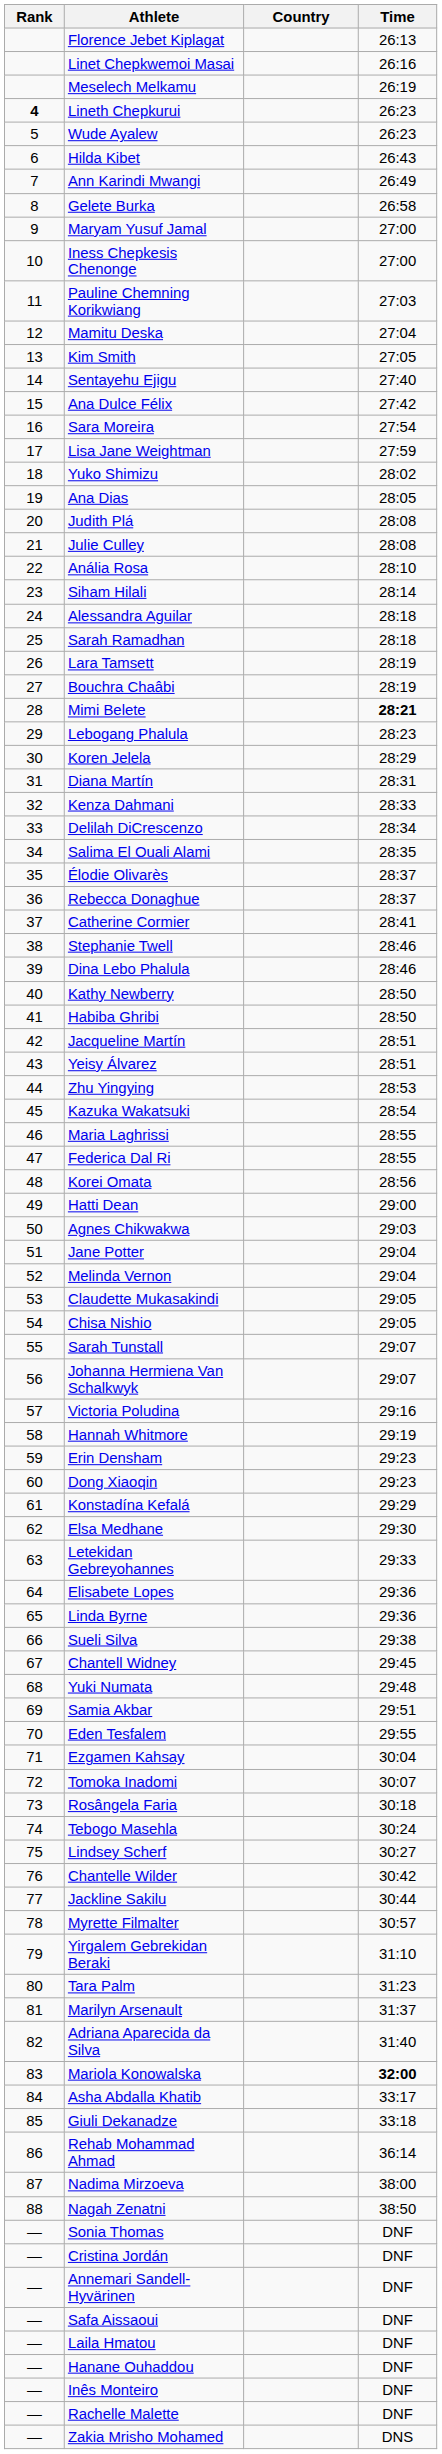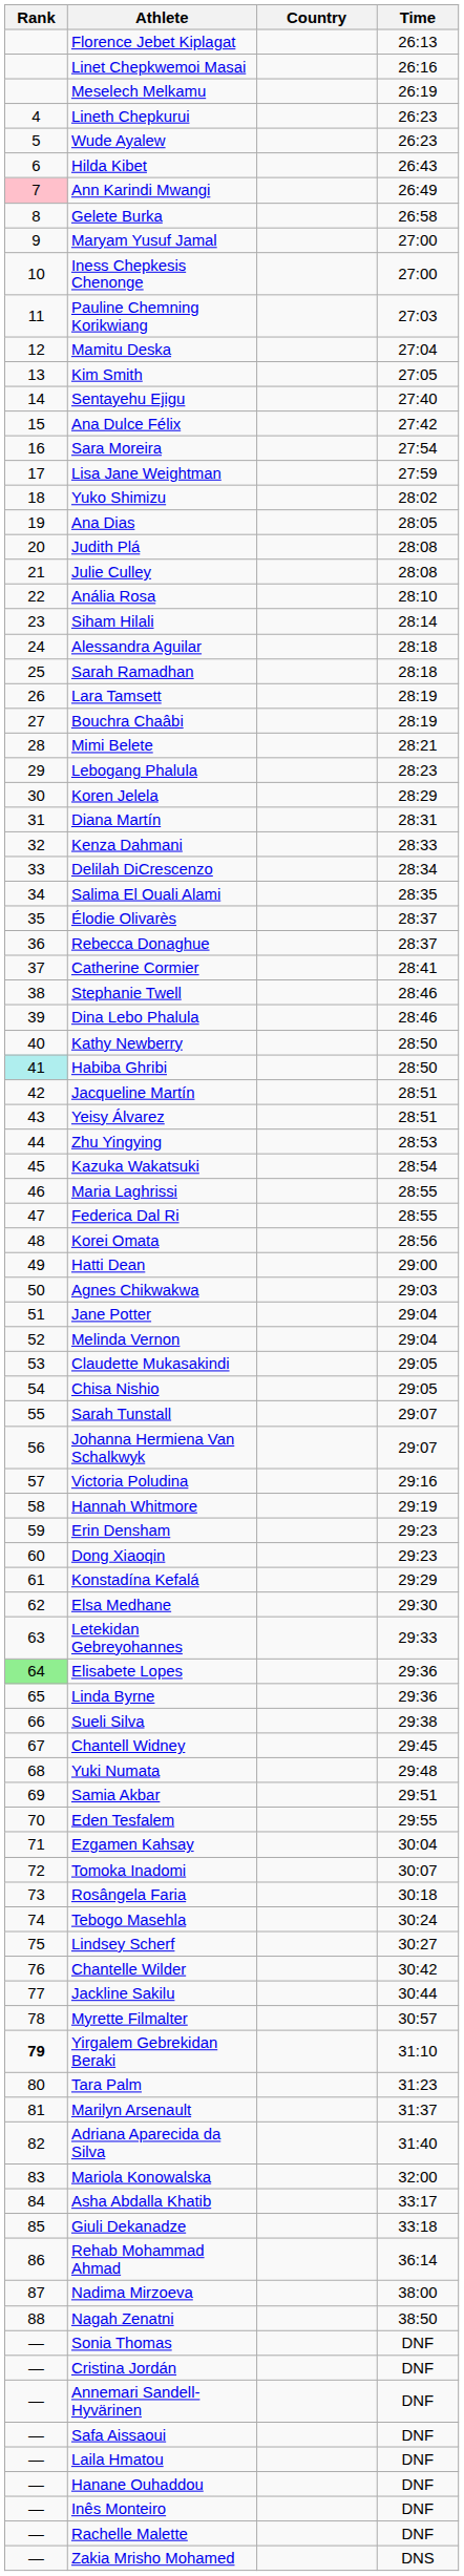 <table class="wikitable sortable" style=" text-align:center; font-size:95%;" width="50%">
 <tr>
 <th width=5%>Rank</th>
 <th width=20%>Athlete</th>
 <th width=15%>Country</th>
 <th width=10%>Time</th>
 </tr>
 <tr>
 <td align=center></td>
 <td align=left><a href='#'>Florence Jebet Kiplagat</a></td>
 <td align=left></td>
 <td>26:13</td>
 </tr>
 <tr>
 <td align=center></td>
 <td align=left><a href='#'>Linet Chepkwemoi Masai</a></td>
 <td align=left></td>
 <td>26:16</td>
 </tr>
 <tr>
 <td align=center></td>
 <td align=left><a href='#'>Meselech Melkamu</a></td>
 <td align=left></td>
 <td>26:19</td>
 </tr>
 <tr>
-<td align=center><strong>4</strong></td>
+<td align=center>4</td>
 <td align=left><a href='#'>Lineth Chepkurui</a></td>
 <td align=left></td>
 <td>26:23</td>
 </tr>
 <tr>
 <td align=center>5</td>
 <td align=left><a href='#'>Wude Ayalew</a></td>
 <td align=left></td>
 <td>26:23</td>
 </tr>
 <tr>
 <td align=center>6</td>
 <td align=left><a href='#'>Hilda Kibet</a></td>
 <td align=left></td>
 <td>26:43</td>
 </tr>
 <tr>
-<td align=center>7</td>
+<td align=center style="background: pink;">7</td>
 <td align=left><a href='#'>Ann Karindi Mwangi</a></td>
 <td align=left></td>
 <td>26:49</td>
 </tr>
 <tr>
 <td align=center>8</td>
 <td align=left><a href='#'>Gelete Burka</a></td>
 <td align=left></td>
 <td>26:58</td>
 </tr>
 <tr>
 <td align=center>9</td>
 <td align=left><a href='#'>Maryam Yusuf Jamal</a></td>
 <td align=left></td>
 <td>27:00</td>
 </tr>
 <tr>
 <td align=center>10</td>
 <td align=left><a href='#'>Iness Chepkesis Chenonge</a></td>
 <td align=left></td>
 <td>27:00</td>
 </tr>
 <tr>
 <td align=center>11</td>
 <td align=left><a href='#'>Pauline Chemning Korikwiang</a></td>
 <td align=left></td>
 <td>27:03</td>
 </tr>
 <tr>
 <td align=center>12</td>
 <td align=left><a href='#'>Mamitu Deska</a></td>
 <td align=left></td>
 <td>27:04</td>
 </tr>
 <tr>
 <td align=center>13</td>
 <td align=left><a href='#'>Kim Smith</a></td>
 <td align=left></td>
 <td>27:05</td>
 </tr>
 <tr>
 <td align=center>14</td>
 <td align=left><a href='#'>Sentayehu Ejigu</a></td>
 <td align=left></td>
 <td>27:40</td>
 </tr>
 <tr>
 <td align=center>15</td>
 <td align=left><a href='#'>Ana Dulce Félix</a></td>
 <td align=left></td>
 <td>27:42</td>
 </tr>
 <tr>
 <td align=center>16</td>
 <td align=left><a href='#'>Sara Moreira</a></td>
 <td align=left></td>
 <td>27:54</td>
 </tr>
 <tr>
 <td align=center>17</td>
 <td align=left><a href='#'>Lisa Jane Weightman</a></td>
 <td align=left></td>
 <td>27:59</td>
 </tr>
 <tr>
 <td align=center>18</td>
 <td align=left><a href='#'>Yuko Shimizu</a></td>
 <td align="left"></td>
 <td>28:02</td>
 </tr>
 <tr>
 <td align=center>19</td>
 <td align=left><a href='#'>Ana Dias</a></td>
 <td align=left></td>
 <td>28:05</td>
 </tr>
 <tr>
 <td align=center>20</td>
 <td align=left><a href='#'>Judith Plá</a></td>
 <td align=left></td>
 <td>28:08</td>
 </tr>
 <tr>
 <td align=center>21</td>
 <td align=left><a href='#'>Julie Culley</a></td>
 <td align=left></td>
 <td>28:08</td>
 </tr>
 <tr>
 <td align=center>22</td>
 <td align=left><a href='#'>Anália Rosa</a></td>
 <td align=left></td>
 <td>28:10</td>
 </tr>
 <tr>
 <td align=center>23</td>
 <td align=left><a href='#'>Siham Hilali</a></td>
 <td align=left></td>
 <td>28:14</td>
 </tr>
 <tr>
 <td align=center>24</td>
 <td align=left><a href='#'>Alessandra Aguilar</a></td>
 <td align=left></td>
 <td>28:18</td>
 </tr>
 <tr>
 <td align=center>25</td>
 <td align=left><a href='#'>Sarah Ramadhan</a></td>
 <td align=left></td>
 <td>28:18</td>
 </tr>
 <tr>
 <td align=center>26</td>
 <td align=left><a href='#'>Lara Tamsett</a></td>
 <td align=left></td>
 <td>28:19</td>
 </tr>
 <tr>
 <td align=center>27</td>
 <td align=left><a href='#'>Bouchra Chaâbi</a></td>
 <td align=left></td>
 <td>28:19</td>
 </tr>
 <tr>
 <td align=center>28</td>
 <td align=left><a href='#'>Mimi Belete</a></td>
 <td align=left></td>
-<td><strong>28:21</strong></td>
+<td>28:21</td>
 </tr>
 <tr>
 <td align=center>29</td>
 <td align=left><a href='#'>Lebogang Phalula</a></td>
 <td align=left></td>
 <td>28:23</td>
 </tr>
 <tr>
 <td align=center>30</td>
 <td align=left><a href='#'>Koren Jelela</a></td>
 <td align=left></td>
 <td>28:29</td>
 </tr>
 <tr>
 <td align=center>31</td>
 <td align=left><a href='#'>Diana Martín</a></td>
 <td align=left></td>
 <td>28:31</td>
 </tr>
 <tr>
 <td align=center>32</td>
 <td align=left><a href='#'>Kenza Dahmani</a></td>
 <td align=left></td>
 <td>28:33</td>
 </tr>
 <tr>
 <td align=center>33</td>
 <td align=left><a href='#'>Delilah DiCrescenzo</a></td>
 <td align=left></td>
 <td>28:34</td>
 </tr>
 <tr>
 <td align=center>34</td>
 <td align=left><a href='#'>Salima El Ouali Alami</a></td>
 <td align=left></td>
 <td>28:35</td>
 </tr>
 <tr>
 <td align=center>35</td>
 <td align=left><a href='#'>Élodie Olivarès</a></td>
 <td align=left></td>
 <td>28:37</td>
 </tr>
 <tr>
 <td align=center>36</td>
 <td align=left><a href='#'>Rebecca Donaghue</a></td>
 <td align="left"></td>
 <td>28:37</td>
 </tr>
 <tr>
 <td align=center>37</td>
 <td align=left><a href='#'>Catherine Cormier</a></td>
 <td align="left"></td>
 <td>28:41</td>
 </tr>
 <tr>
 <td align=center>38</td>
 <td align=left><a href='#'>Stephanie Twell</a></td>
 <td align=left></td>
 <td>28:46</td>
 </tr>
 <tr>
 <td align=center>39</td>
 <td align=left><a href='#'>Dina Lebo Phalula</a></td>
 <td align=left></td>
 <td>28:46</td>
 </tr>
 <tr>
 <td align=center>40</td>
 <td align=left><a href='#'>Kathy Newberry</a></td>
 <td align="left"></td>
 <td>28:50</td>
 </tr>
 <tr>
-<td align=center>41</td>
+<td align=center style="background: paleturquoise;">41</td>
 <td align=left><a href='#'>Habiba Ghribi</a></td>
 <td align=left></td>
 <td>28:50</td>
 </tr>
 <tr>
 <td align=center>42</td>
 <td align=left><a href='#'>Jacqueline Martín</a></td>
 <td align="left"></td>
 <td>28:51</td>
 </tr>
 <tr>
 <td align=center>43</td>
 <td align=left><a href='#'>Yeisy Álvarez</a></td>
 <td align="left"></td>
 <td>28:51</td>
 </tr>
 <tr>
 <td align=center>44</td>
 <td align=left><a href='#'>Zhu Yingying</a></td>
 <td align="left"></td>
 <td>28:53</td>
 </tr>
 <tr>
 <td align=center>45</td>
 <td align=left><a href='#'>Kazuka Wakatsuki</a></td>
 <td align="left"></td>
 <td>28:54</td>
 </tr>
 <tr>
 <td align=center>46</td>
 <td align=left><a href='#'>Maria Laghrissi</a></td>
 <td align="left"></td>
 <td>28:55</td>
 </tr>
 <tr>
 <td align=center>47</td>
 <td align=left><a href='#'>Federica Dal Ri</a></td>
 <td align=left></td>
 <td>28:55</td>
 </tr>
 <tr>
 <td align=center>48</td>
 <td align=left><a href='#'>Korei Omata</a></td>
 <td align="left"></td>
 <td>28:56</td>
 </tr>
 <tr>
 <td align=center>49</td>
 <td align=left><a href='#'>Hatti Dean</a></td>
 <td align=left></td>
 <td>29:00</td>
 </tr>
 <tr>
 <td align=center>50</td>
 <td align=left><a href='#'>Agnes Chikwakwa</a></td>
 <td align="left"></td>
 <td>29:03</td>
 </tr>
 <tr>
 <td align=center>51</td>
 <td align=left><a href='#'>Jane Potter</a></td>
 <td align="left"></td>
 <td>29:04</td>
 </tr>
 <tr>
 <td align=center>52</td>
 <td align=left><a href='#'>Melinda Vernon</a></td>
 <td align=left></td>
 <td>29:04</td>
 </tr>
 <tr>
 <td align=center>53</td>
 <td align=left><a href='#'>Claudette Mukasakindi</a></td>
 <td align=left></td>
 <td>29:05</td>
 </tr>
 <tr>
 <td align=center>54</td>
 <td align=left><a href='#'>Chisa Nishio</a></td>
 <td align="left"></td>
 <td>29:05</td>
 </tr>
 <tr>
 <td align=center>55</td>
 <td align=left><a href='#'>Sarah Tunstall</a></td>
 <td align="left"></td>
 <td>29:07</td>
 </tr>
 <tr>
 <td align=center>56</td>
 <td align=left><a href='#'>Johanna Hermiena Van Schalkwyk</a></td>
 <td align="left"></td>
 <td>29:07</td>
 </tr>
 <tr>
 <td align=center>57</td>
 <td align=left><a href='#'>Victoria Poludina</a></td>
 <td align=left></td>
 <td>29:16</td>
 </tr>
 <tr>
 <td align=center>58</td>
 <td align=left><a href='#'>Hannah Whitmore</a></td>
 <td align="left"></td>
 <td>29:19</td>
 </tr>
 <tr>
 <td align=center>59</td>
 <td align=left><a href='#'>Erin Densham</a></td>
 <td align=left></td>
 <td>29:23</td>
 </tr>
 <tr>
 <td align=center>60</td>
 <td align=left><a href='#'>Dong Xiaoqin</a></td>
 <td align=left></td>
 <td>29:23</td>
 </tr>
 <tr>
 <td align=center>61</td>
 <td align=left><a href='#'>Konstadína Kefalá</a></td>
 <td align="left"></td>
 <td>29:29</td>
 </tr>
 <tr>
 <td align=center>62</td>
 <td align=left><a href='#'>Elsa Medhane</a></td>
 <td align="left"></td>
 <td>29:30</td>
 </tr>
 <tr>
 <td align=center>63</td>
 <td align=left><a href='#'>Letekidan Gebreyohannes</a></td>
 <td align="left"></td>
 <td>29:33</td>
 </tr>
 <tr>
-<td align=center>64</td>
+<td align=center style="background: lightgreen;">64</td>
 <td align=left><a href='#'>Elisabete Lopes</a></td>
 <td align="left"></td>
 <td>29:36</td>
 </tr>
 <tr>
 <td align=center>65</td>
 <td align=left><a href='#'>Linda Byrne</a></td>
 <td align=left></td>
 <td>29:36</td>
 </tr>
 <tr>
 <td align=center>66</td>
 <td align=left><a href='#'>Sueli Silva</a></td>
 <td align="left"></td>
 <td>29:38</td>
 </tr>
 <tr>
 <td align=center>67</td>
 <td align=left><a href='#'>Chantell Widney</a></td>
 <td align="left"></td>
 <td>29:45</td>
 </tr>
 <tr>
 <td align=center>68</td>
 <td align=left><a href='#'>Yuki Numata</a></td>
 <td align="left"></td>
 <td>29:48</td>
 </tr>
 <tr>
 <td align=center>69</td>
 <td align=left><a href='#'>Samia Akbar</a></td>
 <td align="left"></td>
 <td>29:51</td>
 </tr>
 <tr>
 <td align=center>70</td>
 <td align=left><a href='#'>Eden Tesfalem</a></td>
 <td align="left"></td>
 <td>29:55</td>
 </tr>
 <tr>
 <td align=center>71</td>
 <td align=left><a href='#'>Ezgamen Kahsay</a></td>
 <td align="left"></td>
 <td>30:04</td>
 </tr>
 <tr>
 <td align=center>72</td>
 <td align=left><a href='#'>Tomoka Inadomi</a></td>
 <td align="left"></td>
 <td>30:07</td>
 </tr>
 <tr>
 <td align=center>73</td>
 <td align=left><a href='#'>Rosângela Faria</a></td>
 <td align="left"></td>
 <td>30:18</td>
 </tr>
 <tr>
 <td align=center>74</td>
 <td align=left><a href='#'>Tebogo Masehla</a></td>
 <td align="left"></td>
 <td>30:24</td>
 </tr>
 <tr>
 <td align=center>75</td>
 <td align=left><a href='#'>Lindsey Scherf</a></td>
 <td align=left></td>
 <td>30:27</td>
 </tr>
 <tr>
 <td align=center>76</td>
 <td align=left><a href='#'>Chantelle Wilder</a></td>
 <td align="left"></td>
 <td>30:42</td>
 </tr>
 <tr>
 <td align=center>77</td>
 <td align=left><a href='#'>Jackline Sakilu</a></td>
 <td align="left"></td>
 <td>30:44</td>
 </tr>
 <tr>
 <td align=center>78</td>
 <td align=left><a href='#'>Myrette Filmalter</a></td>
 <td align="left"></td>
 <td>30:57</td>
 </tr>
 <tr>
-<td align=center>79</td>
+<td align=center><strong>79</strong></td>
 <td align=left><a href='#'>Yirgalem Gebrekidan Beraki</a></td>
 <td align="left"></td>
 <td>31:10</td>
 </tr>
 <tr>
 <td align=center>80</td>
 <td align=left><a href='#'>Tara Palm</a></td>
 <td align=left></td>
 <td>31:23</td>
 </tr>
 <tr>
 <td align=center>81</td>
 <td align=left><a href='#'>Marilyn Arsenault</a></td>
 <td align="left"></td>
 <td>31:37</td>
 </tr>
 <tr>
 <td align=center>82</td>
 <td align=left><a href='#'>Adriana Aparecida da Silva</a></td>
 <td align=left></td>
 <td>31:40</td>
 </tr>
 <tr>
 <td align=center>83</td>
 <td align=left><a href='#'>Mariola Konowalska</a></td>
 <td align="left"></td>
-<td><strong>32:00</strong></td>
+<td>32:00</td>
 </tr>
 <tr>
 <td align=center>84</td>
 <td align=left><a href='#'>Asha Abdalla Khatib</a></td>
 <td align="left"></td>
 <td>33:17</td>
 </tr>
 <tr>
 <td align=center>85</td>
 <td align=left><a href='#'>Giuli Dekanadze</a></td>
 <td align="left"></td>
 <td>33:18</td>
 </tr>
 <tr>
 <td align=center>86</td>
 <td align=left><a href='#'>Rehab Mohammad Ahmad</a></td>
 <td align="left"></td>
 <td>36:14</td>
 </tr>
 <tr>
 <td align=center>87</td>
 <td align=left><a href='#'>Nadima Mirzoeva</a></td>
 <td align="left"></td>
 <td>38:00</td>
 </tr>
 <tr>
 <td align=center>88</td>
 <td align=left><a href='#'>Nagah Zenatni</a></td>
 <td align="left"></td>
 <td>38:50</td>
 </tr>
 <tr>
 <td align=center>—</td>
 <td align=left><a href='#'>Sonia Thomas</a></td>
 <td align="left"></td>
 <td>DNF</td>
 </tr>
 <tr>
 <td align=center>—</td>
 <td align=left><a href='#'>Cristina Jordán</a></td>
 <td align="left"></td>
 <td>DNF</td>
 </tr>
 <tr>
 <td align=center>—</td>
 <td align=left><a href='#'>Annemari Sandell-Hyvärinen</a></td>
 <td align=left></td>
 <td>DNF</td>
 </tr>
 <tr>
 <td align=center>—</td>
 <td align=left><a href='#'>Safa Aissaoui</a></td>
 <td align=left></td>
 <td>DNF</td>
 </tr>
 <tr>
 <td align=center>—</td>
 <td align=left><a href='#'>Laila Hmatou</a></td>
 <td align="left"></td>
 <td>DNF</td>
 </tr>
 <tr>
 <td align=center>—</td>
 <td align=left><a href='#'>Hanane Ouhaddou</a></td>
 <td align=left></td>
 <td>DNF</td>
 </tr>
 <tr>
 <td align=center>—</td>
 <td align=left><a href='#'>Inês Monteiro</a></td>
 <td align=left></td>
 <td>DNF</td>
 </tr>
 <tr>
 <td align=center>—</td>
 <td align=left><a href='#'>Rachelle Malette</a></td>
 <td align="left"></td>
 <td>DNF</td>
 </tr>
 <tr>
 <td align=center>—</td>
 <td align=left><a href='#'>Zakia Mrisho Mohamed</a></td>
 <td align=left></td>
 <td>DNS</td>
 </tr>
 </table>
